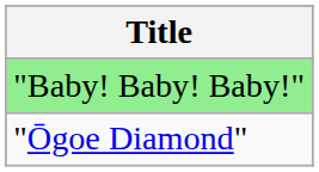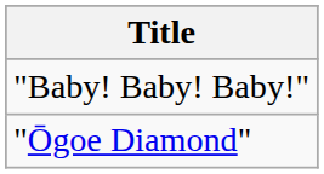 <table class="wikitable">
 <tr>
 <th>Title</th>
 </tr>
 <tr>
-<td style="background: lightgreen;">"Baby! Baby! Baby!"</td>
+<td>"Baby! Baby! Baby!"</td>
 </tr>
 <tr>
 <td>"<a href='#'>Ōgoe Diamond</a>"</td>
 </tr>
 </table>
